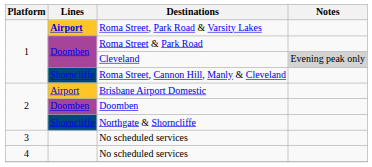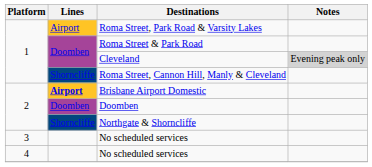 <table class="wikitable" style="float: none; margin: 0.5em; ">
 <tr>
 <th>Platform</th>
 <th>Lines</th>
 <th>Destinations</th>
 <th>Notes</th>
 </tr>
 <tr>
 <td rowspan="4" style="text-align:center;">1</td>
-<td style=background:#FFC425><strong><a href='#'><span>Airport</span></a></strong></td>
+<td style=background:#FFC425><a href='#'><span>Airport</span></a></td>
 <td><a href='#'>Roma Street</a>, <a href='#'>Park Road</a> & <a href='#'>Varsity Lakes</a></td>
 <td></td>
 </tr>
 <tr>
 <td rowspan="2" style=background:#A54499><a href='#'><span>Doomben</span></a></td>
 <td><a href='#'>Roma Street</a> & <a href='#'>Park Road</a></td>
 <td></td>
 </tr>
 <tr>
 <td><a href='#'>Cleveland</a></td>
 <td style="background: lightgrey;">Evening peak only</td>
 </tr>
 <tr>
 <td style=background:#00467f><a href='#'><span>Shorncliffe</span></a></td>
 <td><a href='#'>Roma Street</a>, <a href='#'>Cannon Hill</a>, <a href='#'>Manly</a> & <a href='#'>Cleveland</a></td>
 <td></td>
 </tr>
 <tr>
 <td rowspan="3" style="text-align:center;">2</td>
-<td style=background:#FFC425><a href='#'><span>Airport</span></a></td>
+<td style=background:#FFC425><strong><a href='#'><span>Airport</span></a></strong></td>
 <td><a href='#'>Brisbane Airport Domestic</a></td>
 <td></td>
 </tr>
 <tr>
 <td style=background:#A54499><a href='#'><span>Doomben</span></a></td>
 <td><a href='#'>Doomben</a></td>
 <td></td>
 </tr>
 <tr>
 <td style=background:#00467f><a href='#'><span>Shorncliffe</span></a></td>
 <td><a href='#'>Northgate</a> & <a href='#'>Shorncliffe</a></td>
 <td></td>
 </tr>
 <tr>
 <td style="text-align:center;">3</td>
 <td></td>
 <td>No scheduled services</td>
 <td></td>
 </tr>
 <tr>
 <td style="text-align:center;">4</td>
 <td></td>
 <td>No scheduled services</td>
 <td></td>
 </tr>
 <tr>
 </tr>
 </table>
